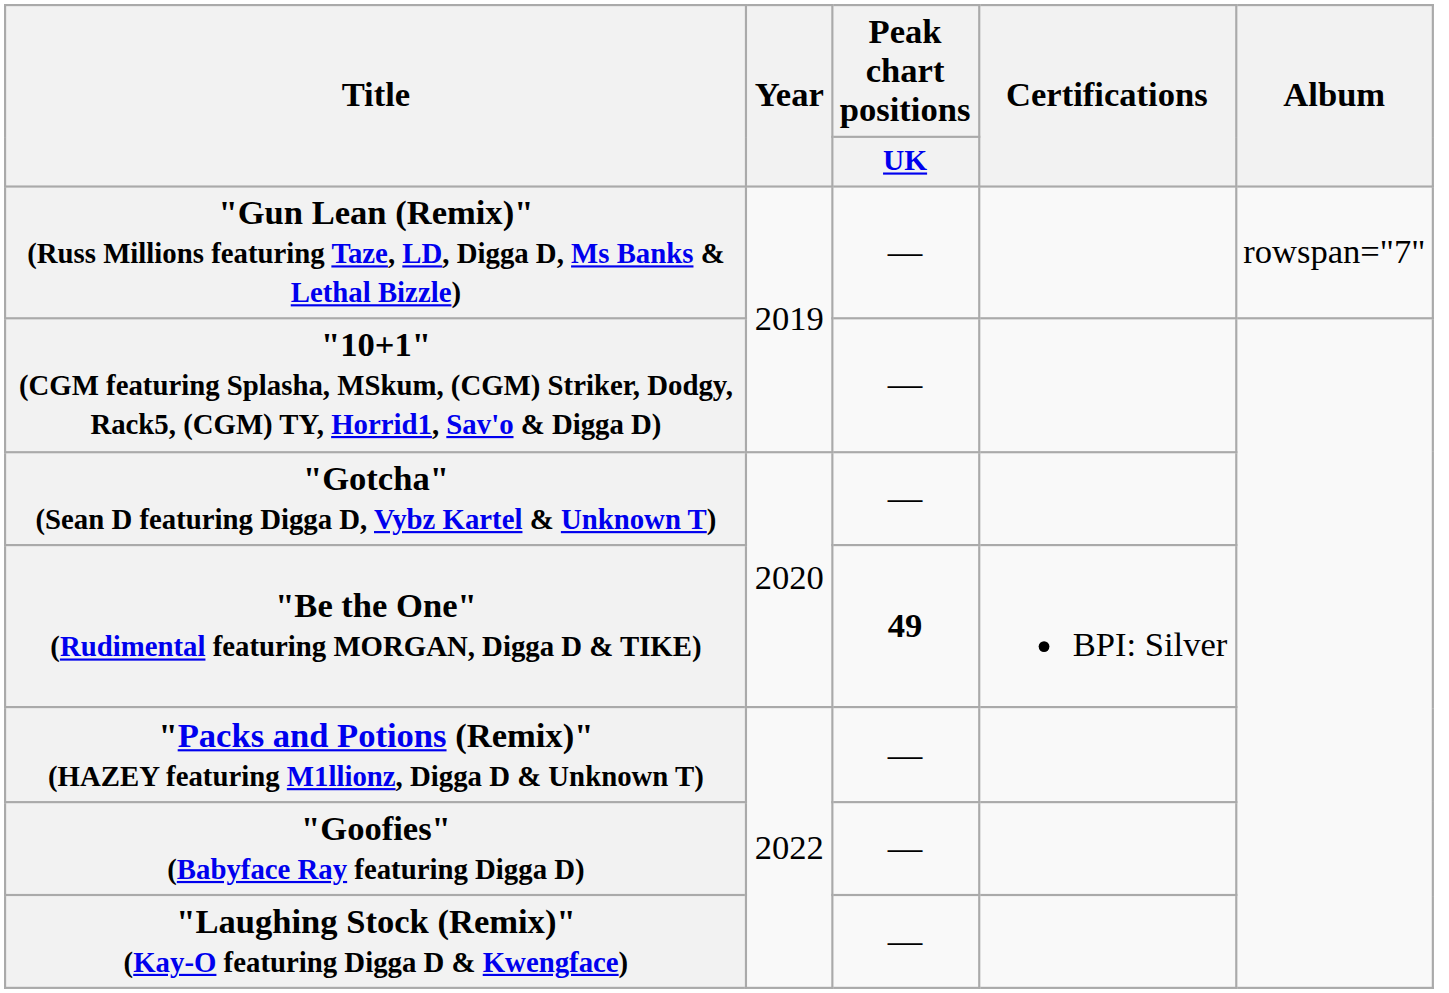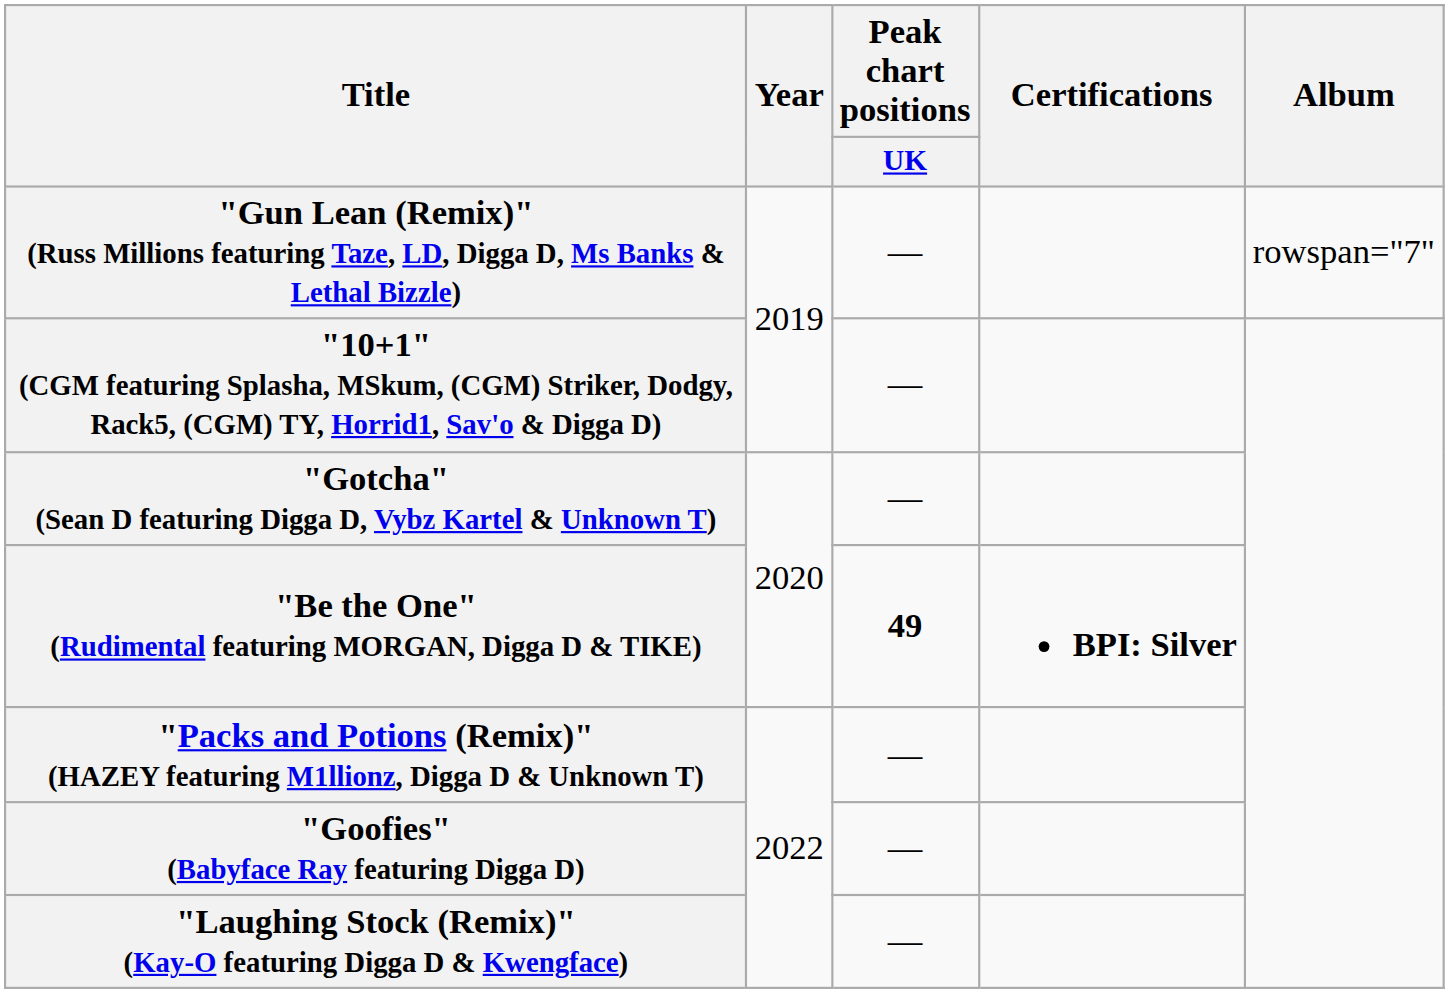 <table class="wikitable plainrowheaders" style="text-align:center;">
 <tr>
 <th scope="col" rowspan="2" style="width:21em;">Title</th>
 <th scope="col" rowspan="2" style="width:1em;">Year</th>
 <th scope="col" colspan="1">Peak chart positions<br></th>
 <th scope="col" rowspan="2">Certifications</th>
 <th scope="col" rowspan="2">Album</th>
 </tr>
 <tr>
 <th scope="col" style="width:3em;font-size:85%;"><a href='#'>UK</a><br></th>
 </tr>
 <tr>
 <th scope="row">"Gun Lean (Remix)"<br><small>(Russ Millions featuring <a href='#'>Taze</a>, <a href='#'>LD</a>, Digga D, <a href='#'>Ms Banks</a> & <a href='#'>Lethal Bizzle</a>)</small></th>
 <td rowspan="2">2019</td>
 <td>—</td>
 <td></td>
 <td>rowspan="7" </td>
 </tr>
 <tr>
 <th scope="row">"10+1"<br><small>(CGM featuring Splasha, MSkum, (CGM) Striker, Dodgy, Rack5, (CGM) TY, <a href='#'>Horrid1</a>, <a href='#'>Sav'o</a> & Digga D)</small></th>
 <td>—</td>
 <td></td>
 </tr>
 <tr>
 <th scope="row">"Gotcha"<br><small>(Sean D featuring Digga D, <a href='#'>Vybz Kartel</a> & <a href='#'>Unknown T</a>)</small></th>
 <td rowspan="2">2020</td>
 <td>—</td>
 <td></td>
 </tr>
 <tr>
 <th scope="row">"Be the One"<br><small>(<a href='#'>Rudimental</a> featuring MORGAN, Digga D & TIKE)</small></th>
 <td><strong>49</strong></td>
-<td><br><ul><li>BPI: Silver</li></ul></td>
+<td><strong><br><ul><li>BPI: Silver</li></ul></strong></td>
 </tr>
 <tr>
 <th scope="row">"<a href='#'>Packs and Potions</a> (Remix)"<br><small>(HAZEY featuring <a href='#'>M1llionz</a>, Digga D & Unknown T)</small></th>
 <td rowspan="3">2022</td>
 <td>—</td>
 <td></td>
 </tr>
 <tr>
 <th scope="row">"Goofies"<br><small>(<a href='#'>Babyface Ray</a> featuring Digga D)</small></th>
 <td>—</td>
 <td></td>
 </tr>
 <tr>
 <th scope="row">"Laughing Stock (Remix)"<br><small>(<a href='#'>Kay-O</a> featuring Digga D & <a href='#'>Kwengface</a>)</small></th>
 <td>—</td>
 <td></td>
 </tr>
 </table>
